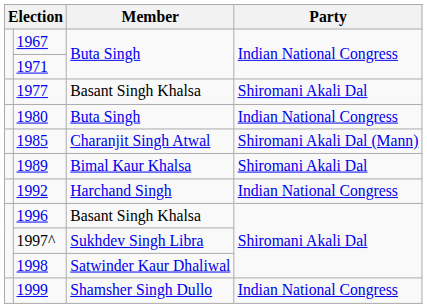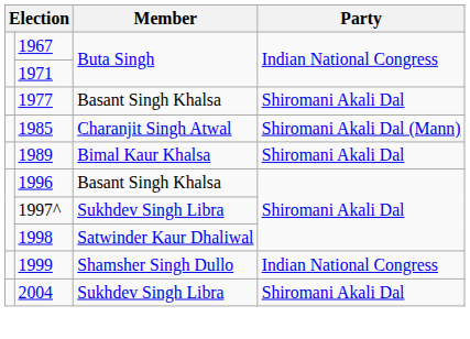 <table class="wikitable sortable">
 <tr>
 <th colspan="2">Election</th>
 <th>Member</th>
 <th>Party</th>
 </tr>
 <tr>
 <td rowspan="2" style="background-color: "></td>
 <td><a href='#'>1967</a></td>
 <td rowspan="2"><a href='#'>Buta Singh</a></td>
 <td rowspan="2"><a href='#'>Indian National Congress</a></td>
 </tr>
 <tr>
 <td><a href='#'>1971</a></td>
 </tr>
 <tr>
 <td style="background-color: "></td>
 <td><a href='#'>1977</a></td>
 <td>Basant Singh Khalsa</td>
 <td><a href='#'>Shiromani Akali Dal</a></td>
 </tr>
 <tr>
 <td style="background-color: "></td>
-<td><a href='#'>1980</a></td>
-<td><a href='#'>Buta Singh</a></td>
-<td><a href='#'>Indian National Congress</a></td>
-</tr>
-<tr>
-<td style="background-color: "></td>
 <td><a href='#'>1985</a></td>
 <td><a href='#'>Charanjit Singh Atwal</a></td>
 <td><a href='#'>Shiromani Akali Dal (Mann)</a></td>
 </tr>
 <tr>
 <td style="background-color: "></td>
 <td><a href='#'>1989</a></td>
 <td><a href='#'>Bimal Kaur Khalsa</a></td>
 <td><a href='#'>Shiromani Akali Dal</a></td>
-</tr>
-<tr>
-<td style="background-color: "></td>
-<td><a href='#'>1992</a></td>
-<td><a href='#'>Harchand Singh</a></td>
-<td><a href='#'>Indian National Congress</a></td>
 </tr>
 <tr>
 <td rowspan="3" style="background-color: "></td>
 <td><a href='#'>1996</a></td>
 <td>Basant Singh Khalsa</td>
 <td rowspan="3"><a href='#'>Shiromani Akali Dal</a></td>
 </tr>
 <tr>
 <td>1997^</td>
 <td><a href='#'>Sukhdev Singh Libra</a></td>
 </tr>
 <tr>
 <td><a href='#'>1998</a></td>
 <td><a href='#'>Satwinder Kaur Dhaliwal</a></td>
 </tr>
 <tr>
 <td style="background-color: "></td>
 <td><a href='#'>1999</a></td>
 <td><a href='#'>Shamsher Singh Dullo</a></td>
 <td><a href='#'>Indian National Congress</a></td>
 </tr>
+<tr>
+<td style="background-color: "></td>
+<td><a href='#'>2004</a></td>
+<td><a href='#'>Sukhdev Singh Libra</a></td>
+<td><a href='#'>Shiromani Akali Dal</a></td>
+</tr>
 </table>
